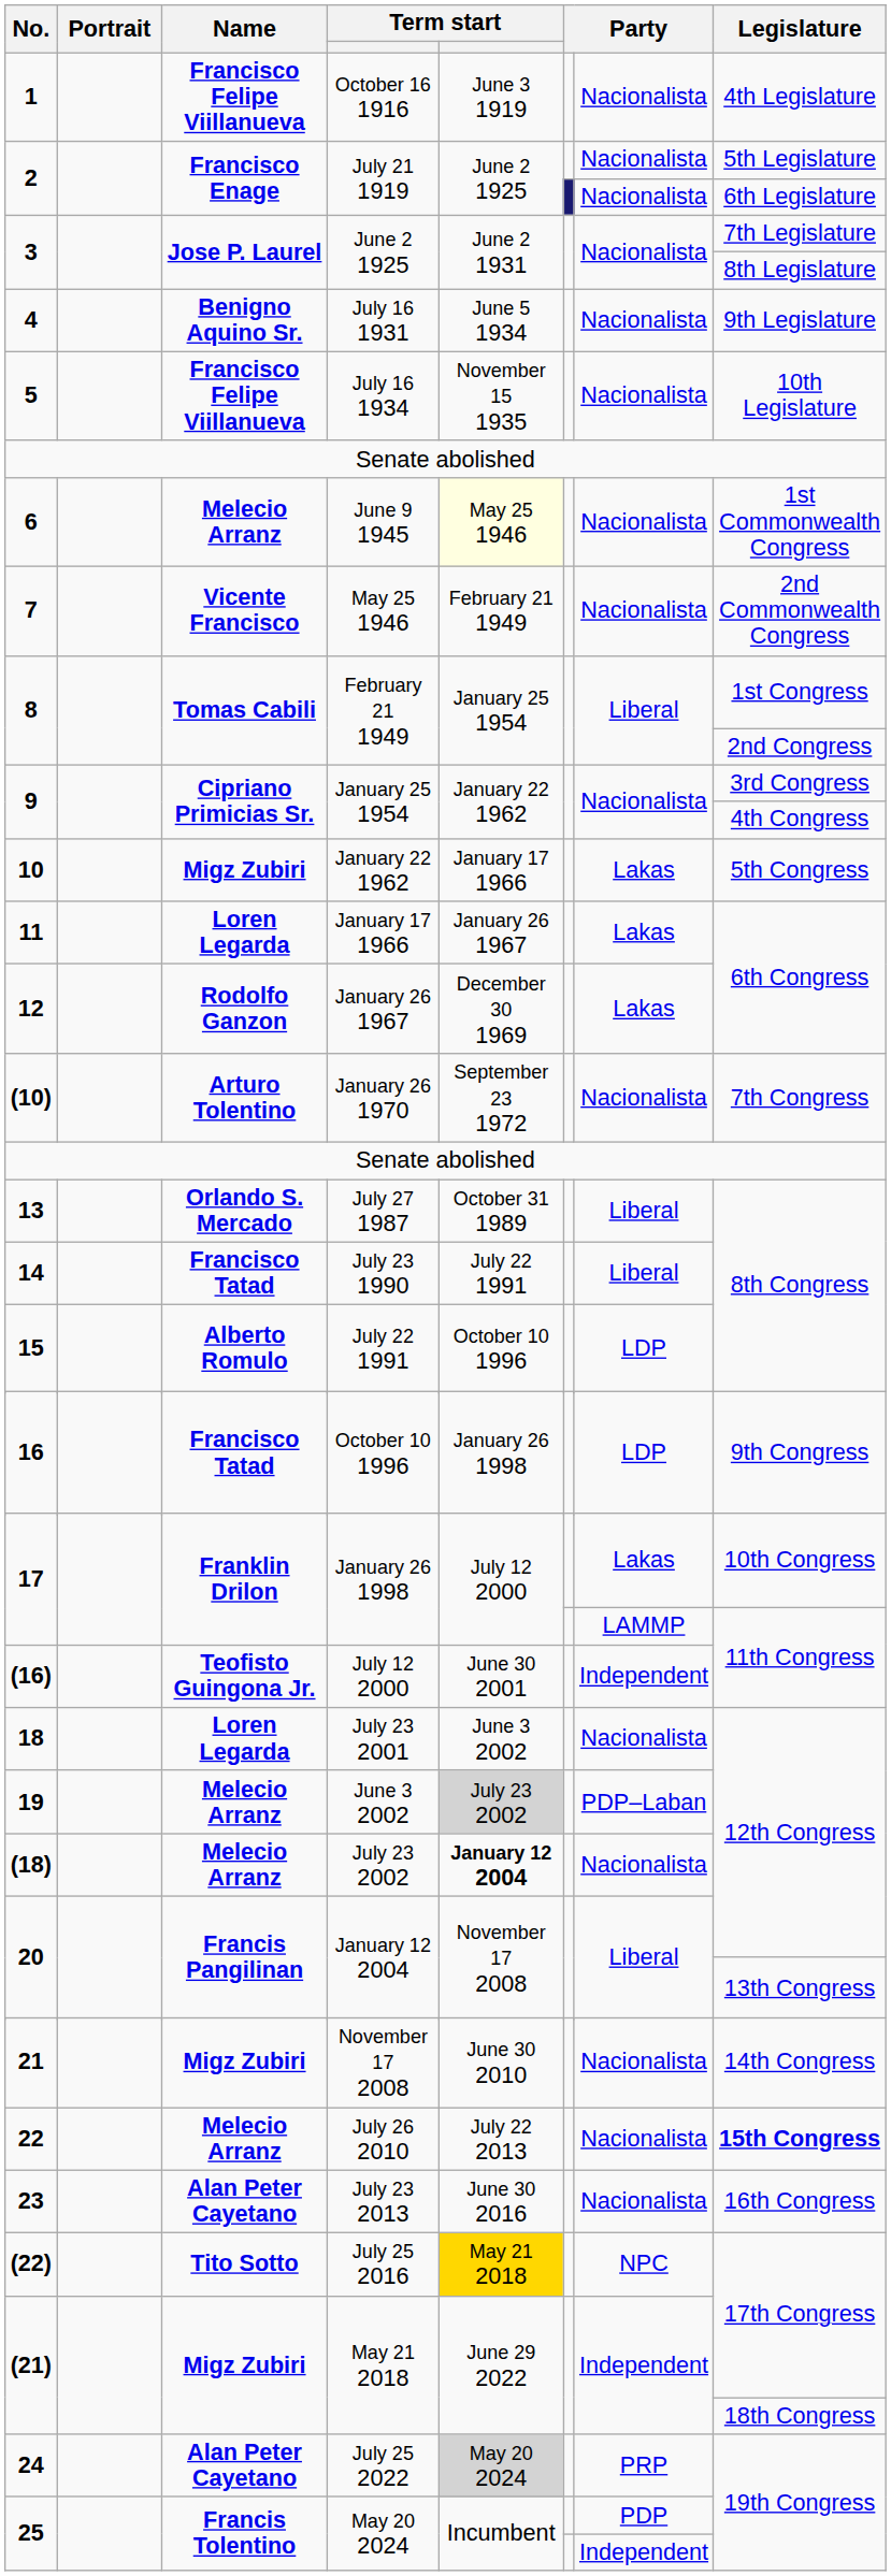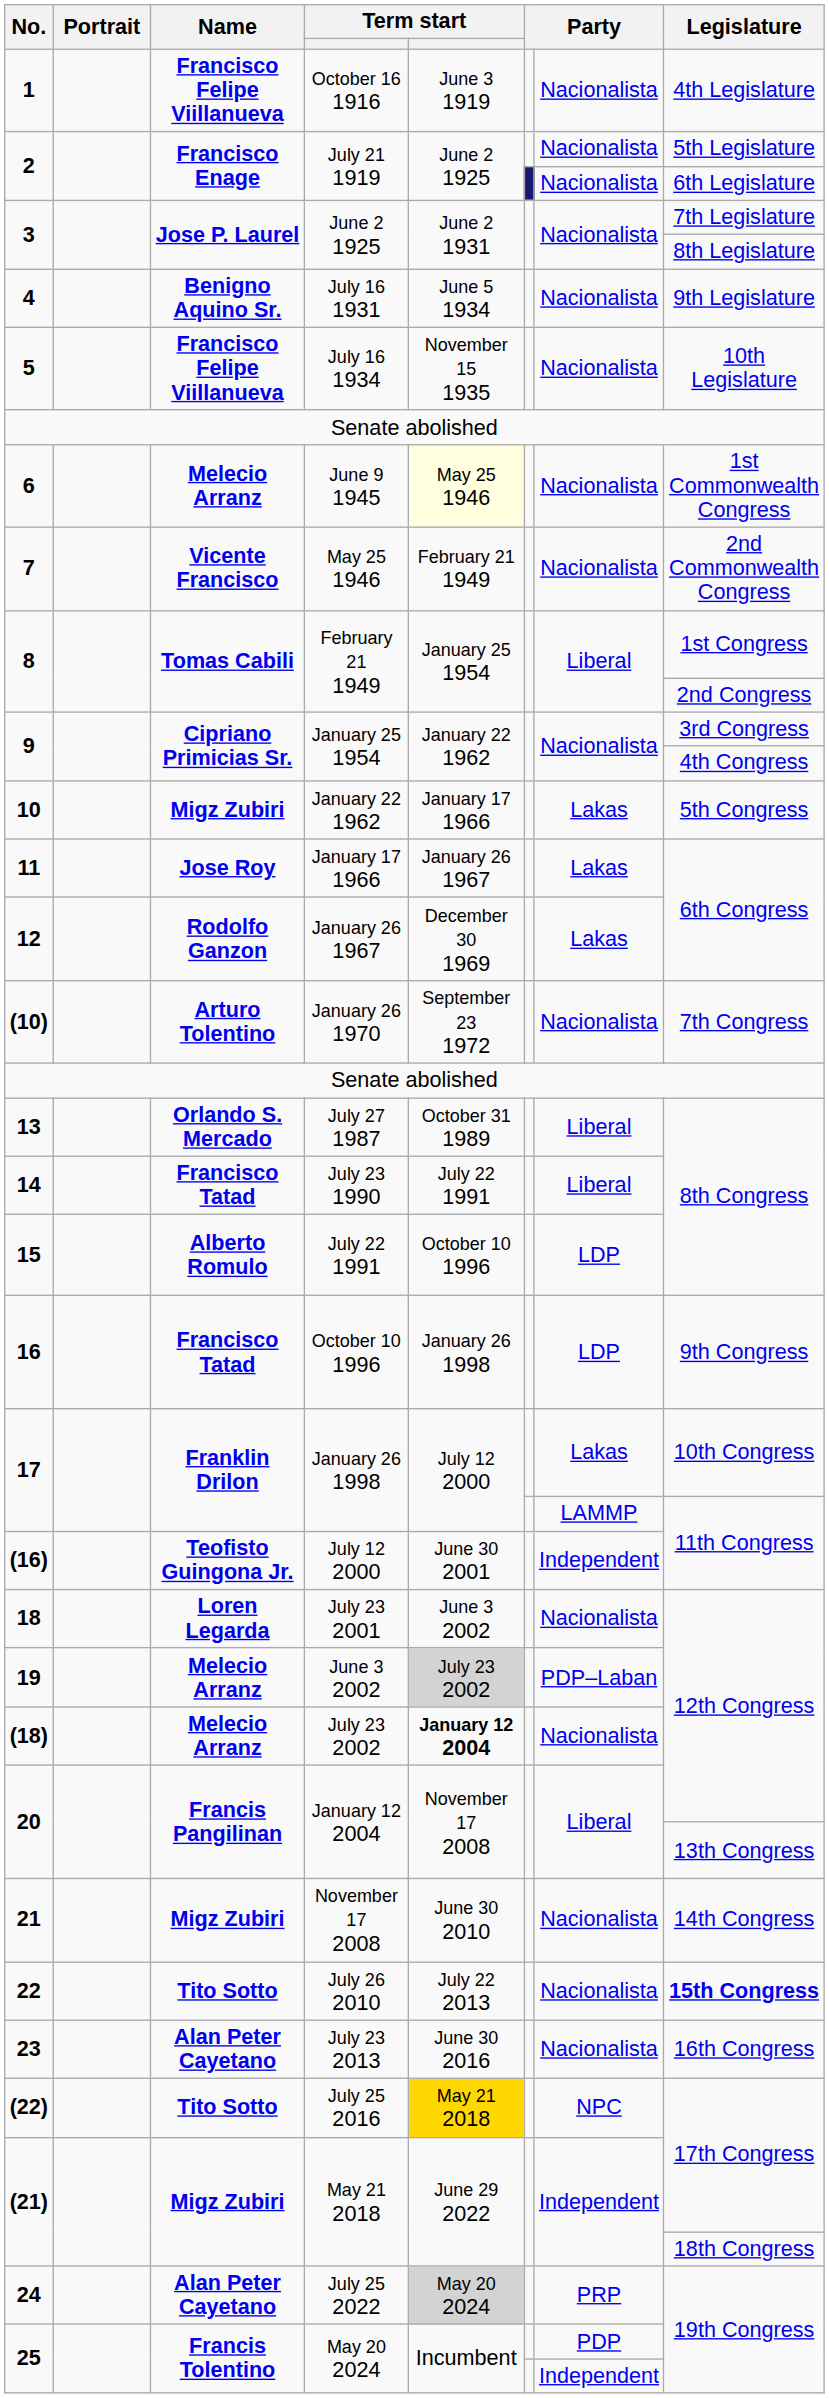 <table class="wikitable" style="text-align:center; border:1px #AAAAFF solid">
 <tr>
 <th rowspan="2">No.</th>
 <th rowspan="2" width="80" align="center">Portrait</th>
 <th rowspan="2" width="150">Name<br></th>
 <th colspan="2" width="0" align="center">Term start</th>
 <th colspan="2" rowspan="2" width="0" align="center">Party</th>
 <th rowspan="2" width="100">Legislature</th>
 </tr>
 <tr>
 <th width="85"></th>
 <th width="85"></th>
 </tr>
 <tr>
 <td><strong>1</strong></td>
 <td></td>
 <td><strong><a href='#'>Francisco Felipe Viillanueva</a></strong><br></td>
 <td><small>October 16</small><br>1916</td>
 <td><small>June 3</small><br>1919</td>
 <td></td>
 <td><a href='#'>Nacionalista</a></td>
 <td><a href='#'>4th Legislature</a></td>
 </tr>
 <tr>
 <td rowspan="2"><strong>2</strong></td>
 <td rowspan="2"></td>
 <td rowspan="2"><strong><a href='#'>Francisco Enage</a></strong><br></td>
 <td rowspan="2"><small>July 21</small><br>1919</td>
 <td rowspan="2"><small>June 2</small><br>1925</td>
 <td></td>
 <td><a href='#'>Nacionalista</a><br></td>
 <td><a href='#'>5th Legislature</a></td>
 </tr>
 <tr>
 <td style="background-color:#191970"></td>
 <td><a href='#'>Nacionalista</a><br></td>
 <td><a href='#'>6th Legislature</a></td>
 </tr>
 <tr>
 <td rowspan="2"><strong>3</strong></td>
 <td rowspan="2"></td>
 <td rowspan="2"><strong><a href='#'>Jose P. Laurel</a></strong><br></td>
 <td rowspan="2"><small>June 2</small><br>1925</td>
 <td rowspan="2"><small>June 2</small><br>1931</td>
 <td rowspan="2"></td>
 <td rowspan="2"><a href='#'>Nacionalista</a></td>
 <td><a href='#'>7th Legislature</a></td>
 </tr>
 <tr>
 <td><a href='#'>8th Legislature</a></td>
 </tr>
 <tr>
 <td><strong>4</strong></td>
 <td></td>
 <td><strong><a href='#'>Benigno Aquino Sr.</a></strong><br></td>
 <td><small>July 16</small><br>1931</td>
 <td><small>June 5</small><br>1934</td>
 <td></td>
 <td><a href='#'>Nacionalista</a></td>
 <td><a href='#'>9th Legislature</a></td>
 </tr>
 <tr>
 <td><strong>5</strong></td>
 <td></td>
 <td><strong><a href='#'>Francisco Felipe Viillanueva</a></strong><br></td>
 <td><small>July 16</small><br>1934</td>
 <td><small>November 15</small><br>1935</td>
 <td style="background:"></td>
 <td><a href='#'>Nacionalista</a><br></td>
 <td><a href='#'>10th Legislature</a></td>
 </tr>
 <tr>
 <td colspan="8">Senate abolished<br></td>
 </tr>
 <tr>
 <td><strong>6</strong></td>
 <td></td>
 <td><strong><a href='#'>Melecio Arranz</a></strong><br></td>
 <td><small>June 9</small><br>1945</td>
 <td style="background: lightyellow;"><small>May 25</small><br>1946</td>
 <td></td>
 <td><a href='#'>Nacionalista</a></td>
 <td><a href='#'>1st Commonwealth Congress</a></td>
 </tr>
 <tr>
 <td rowspan="2"><strong>7</strong></td>
 <td rowspan="2"></td>
 <td rowspan="2"><strong><a href='#'>Vicente Francisco</a></strong><br></td>
 <td rowspan="2"><small>May 25</small><br>1946</td>
 <td rowspan="2"><small>February 21</small><br>1949</td>
 <td rowspan="2"></td>
 <td rowspan="2"><a href='#'>Nacionalista</a></td>
 <td><a href='#'>2nd Commonwealth Congress</a></td>
 </tr>
 <tr>
 <td rowspan="2"><a href='#'>1st Congress</a></td>
 </tr>
 <tr style="height:50px;">
 <td rowspan="2"><strong>8</strong></td>
 <td rowspan="2"></td>
 <td rowspan="2"><strong><a href='#'>Tomas Cabili</a></strong><br></td>
 <td rowspan="2"><small>February 21</small><br>1949</td>
 <td rowspan="2"><small>January 25</small><br>1954</td>
 <td rowspan="2"></td>
 <td rowspan="2"><a href='#'>Liberal</a></td>
 </tr>
 <tr>
 <td><a href='#'>2nd Congress</a></td>
 </tr>
 <tr>
 <td rowspan="2"><strong>9</strong></td>
 <td rowspan="2"></td>
 <td rowspan="2"><strong><a href='#'>Cipriano Primicias Sr.</a></strong><br></td>
 <td rowspan="2"><small>January 25</small><br>1954</td>
 <td rowspan="2"><small>January 22</small><br>1962</td>
 <td rowspan="2"></td>
 <td rowspan="2"><a href='#'>Nacionalista</a></td>
 <td><a href='#'>3rd Congress</a></td>
 </tr>
 <tr>
 <td><a href='#'>4th Congress</a></td>
 </tr>
 <tr>
 <td><strong>10</strong></td>
 <td></td>
 <td><strong><a href='#'>Migz Zubiri</a></strong><br></td>
 <td><small>January 22</small><br>1962</td>
 <td><small>January 17</small><br>1966</td>
 <td></td>
 <td><a href='#'>Lakas</a></td>
 <td><a href='#'>5th Congress</a></td>
 </tr>
 <tr>
 <td><strong>11</strong></td>
 <td></td>
-<td><strong><a href='#'>Loren Legarda</a></strong><br></td>
+<td><strong><a href='#'>Jose Roy</a></strong><br></td>
 <td><small>January 17</small><br>1966</td>
 <td><small>January 26</small><br>1967</td>
 <td></td>
 <td><a href='#'>Lakas</a></td>
 <td rowspan="2"><a href='#'>6th Congress</a></td>
 </tr>
 <tr>
 <td><strong>12</strong></td>
 <td></td>
 <td><strong><a href='#'>Rodolfo Ganzon</a></strong><br></td>
 <td><small>January 26</small><br>1967</td>
 <td><small>December 30</small><br>1969</td>
 <td></td>
 <td><a href='#'>Lakas</a></td>
 </tr>
 <tr>
 <td><strong>(10)</strong></td>
 <td></td>
 <td><strong><a href='#'>Arturo Tolentino</a></strong><br></td>
 <td><small>January 26</small><br>1970</td>
 <td><small>September 23</small><br>1972</td>
 <td></td>
 <td><a href='#'>Nacionalista</a></td>
 <td><a href='#'>7th Congress</a></td>
 </tr>
 <tr>
 <td colspan="8">Senate abolished<br></td>
 </tr>
 <tr>
 <td><strong>13</strong></td>
 <td></td>
 <td><strong><a href='#'>Orlando S. Mercado</a></strong><br></td>
 <td><small>July 27</small><br>1987</td>
 <td><small>October 31</small><br>1989</td>
 <td></td>
 <td><a href='#'>Liberal</a></td>
 <td rowspan="3"><a href='#'>8th Congress</a></td>
 </tr>
 <tr>
 <td><strong>14</strong></td>
 <td></td>
 <td><strong><a href='#'>Francisco Tatad</a></strong><br></td>
 <td><small>July 23</small><br>1990</td>
 <td><small>July 22</small><br>1991</td>
 <td></td>
 <td><a href='#'>Liberal</a></td>
 </tr>
 <tr style="height:60px;">
 <td rowspan="2"><strong>15</strong></td>
 <td rowspan="2"></td>
 <td rowspan="2"><strong><a href='#'>Alberto Romulo</a></strong><br></td>
 <td rowspan="2"><small>July 22</small><br>1991</td>
 <td rowspan="2"><small>October 10</small><br>1996</td>
 <td rowspan="2"></td>
 <td rowspan="2"><a href='#'>LDP</a></td>
 </tr>
 <tr>
 <td rowspan="2"><a href='#'>9th Congress</a></td>
 </tr>
 <tr style="height:84px;">
 <td rowspan="2"><strong>16</strong></td>
 <td rowspan="2"></td>
 <td rowspan="2"><strong><a href='#'>Francisco Tatad</a></strong><br></td>
 <td rowspan="2"><small>October 10</small><br>1996</td>
 <td rowspan="2"><small>January 26</small><br>1998</td>
 <td rowspan="2"></td>
 <td rowspan="2"><a href='#'>LDP</a></td>
 </tr>
 <tr>
 <td rowspan="2"><a href='#'>10th Congress</a></td>
 </tr>
 <tr style="height:65px;">
 <td rowspan="2"><strong>17</strong></td>
 <td rowspan="2"></td>
 <td rowspan="2"><strong><a href='#'>Franklin Drilon</a></strong><br></td>
 <td rowspan="2"><small>January 26</small><br>1998</td>
 <td rowspan="2"><small>July 12</small><br>2000</td>
 <td></td>
 <td><a href='#'>Lakas</a></td>
 </tr>
 <tr>
 <td></td>
 <td><a href='#'>LAMMP</a></td>
 <td rowspan="2"><a href='#'>11th Congress</a></td>
 </tr>
 <tr>
 <td><strong>(16)</strong></td>
 <td></td>
 <td><strong><a href='#'>Teofisto Guingona Jr.</a></strong><br></td>
 <td><small>July 12</small><br>2000</td>
 <td><small>June 30</small><br>2001</td>
 <td></td>
 <td><a href='#'>Independent</a></td>
 </tr>
 <tr>
 <td><strong>18</strong></td>
 <td></td>
 <td><strong><a href='#'>Loren Legarda</a></strong><br></td>
 <td><small>July 23</small><br>2001</td>
 <td><small>June 3</small><br>2002</td>
 <td></td>
 <td><a href='#'>Nacionalista</a></td>
 <td rowspan="4"><a href='#'>12th Congress</a></td>
 </tr>
 <tr>
 <td><strong>19</strong></td>
 <td></td>
 <td><strong><a href='#'>Melecio Arranz</a></strong><br></td>
 <td><small>June 3</small><br>2002</td>
 <td style="background: lightgrey;"><small>July 23</small><br>2002</td>
 <td></td>
 <td><a href='#'>PDP–Laban</a></td>
 </tr>
 <tr>
 <td><strong>(18)</strong></td>
 <td></td>
 <td><strong><a href='#'>Melecio Arranz</a></strong><br></td>
 <td><small>July 23</small><br>2002</td>
 <td><strong><small>January 12</small><br>2004</strong></td>
 <td></td>
 <td><a href='#'>Nacionalista</a><br></td>
 </tr>
 <tr style="height:42px;">
 <td rowspan="3"><strong>20</strong></td>
 <td rowspan="3"></td>
 <td rowspan="3"><strong><a href='#'>Francis Pangilinan</a></strong><br></td>
 <td rowspan="3"><small>January 12</small><br>2004</td>
 <td rowspan="3"><small>November 17</small><br>2008</td>
 <td rowspan="3"></td>
 <td rowspan="3"><a href='#'>Liberal</a></td>
 </tr>
 <tr style="height:42px;">
 <td><a href='#'>13th Congress</a></td>
 </tr>
 <tr>
 <td rowspan="2"><a href='#'>14th Congress</a></td>
 </tr>
 <tr>
 <td><strong>21</strong></td>
 <td></td>
 <td><strong><a href='#'>Migz Zubiri</a></strong><br></td>
 <td><small>November 17</small><br>2008</td>
 <td><small>June 30</small><br>2010</td>
 <td></td>
 <td><a href='#'>Nacionalista</a></td>
 </tr>
 <tr>
 <td><strong>22</strong></td>
 <td></td>
-<td><strong><a href='#'>Melecio Arranz</a></strong><br></td>
+<td><strong><a href='#'>Tito Sotto</a></strong><br></td>
 <td><small>July 26</small><br>2010</td>
 <td><small>July 22</small><br>2013</td>
 <td></td>
 <td><a href='#'>Nacionalista</a></td>
 <td><strong><a href='#'>15th Congress</a></strong></td>
 </tr>
 <tr>
 <td><strong>23</strong></td>
 <td></td>
 <td><strong><a href='#'>Alan Peter Cayetano</a></strong><br></td>
 <td><small>July 23</small><br>2013</td>
 <td><small>June 30</small><br>2016</td>
 <td></td>
 <td><a href='#'>Nacionalista</a></td>
 <td><a href='#'>16th Congress</a></td>
 </tr>
 <tr>
 <td><strong>(22)</strong></td>
 <td></td>
 <td><strong><a href='#'>Tito Sotto</a></strong><br></td>
 <td><small>July 25</small><br>2016</td>
 <td style="background: gold;"><small>May 21</small><br>2018</td>
 <td></td>
 <td><a href='#'>NPC</a></td>
 <td rowspan="2"><a href='#'>17th Congress</a></td>
 </tr>
 <tr style="height:70px;">
 <td rowspan="2"><strong>(21)</strong></td>
 <td rowspan="2"></td>
 <td rowspan="2"><strong><a href='#'>Migz Zubiri</a></strong><br></td>
 <td rowspan="2"><small>May 21</small><br>2018</td>
 <td rowspan="2"><small>June 29</small><br>2022</td>
 <td rowspan="2"></td>
 <td rowspan="2"><a href='#'>Independent</a></td>
 </tr>
 <tr>
 <td><a href='#'>18th Congress</a></td>
 </tr>
 <tr>
 <td><strong>24</strong></td>
 <td></td>
 <td><strong><a href='#'>Alan Peter Cayetano</a></strong><br></td>
 <td><small>July 25</small><br>2022</td>
 <td style="background: lightgrey;"><small>May 20</small><br>2024</td>
 <td></td>
 <td><a href='#'>PRP</a></td>
 <td rowspan="3"><a href='#'>19th Congress</a></td>
 </tr>
 <tr>
 <td rowspan="2"><strong>25</strong></td>
 <td rowspan="2"></td>
 <td rowspan="2"><strong><a href='#'>Francis Tolentino</a></strong><br></td>
 <td rowspan="2"><small>May 20</small><br>2024</td>
 <td rowspan="2">Incumbent</td>
 <td></td>
 <td><a href='#'>PDP</a></td>
 </tr>
 <tr>
 <td></td>
 <td><a href='#'>Independent</a></td>
 </tr>
 </table>
